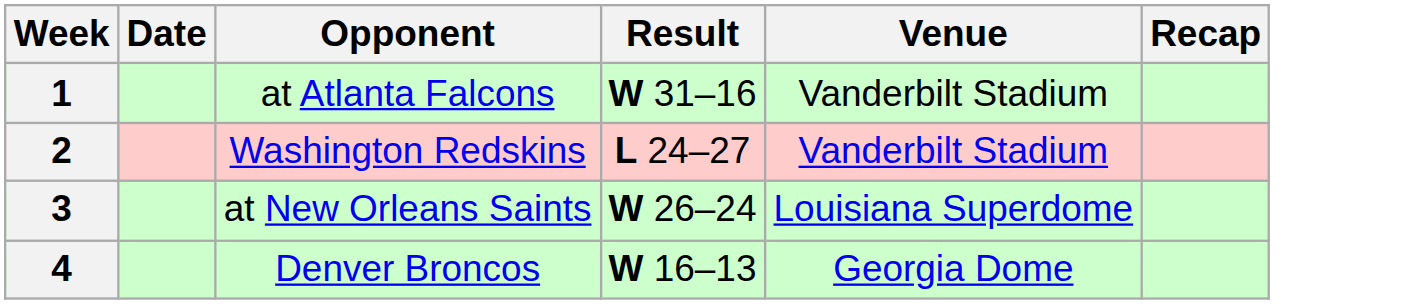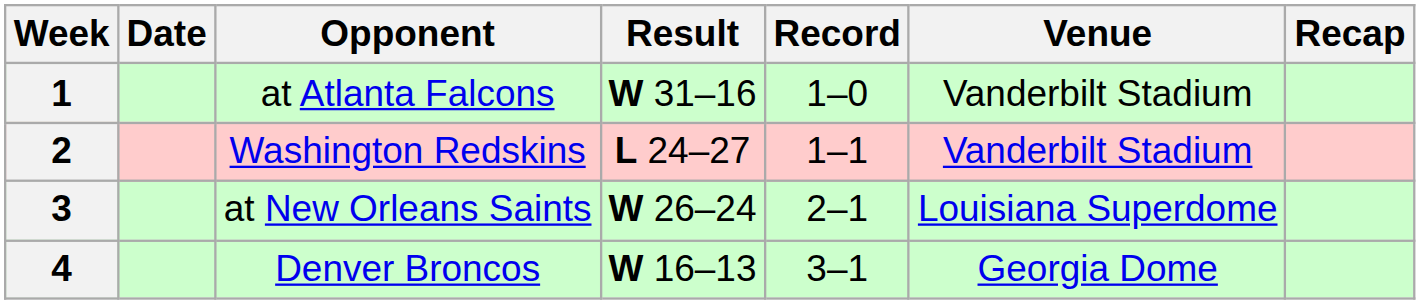 <table class="wikitable" style="text-align:center">
 <tr>
 <th>Week</th>
 <th>Date</th>
 <th>Opponent</th>
 <th>Result</th>
+<th>Record</th>
 <th>Venue</th>
 <th>Recap</th>
 </tr>
 <tr style="background:#cfc">
 <th>1</th>
 <td></td>
 <td>at <a href='#'>Atlanta Falcons</a></td>
 <td><strong>W</strong> 31–16</td>
+<td>1–0</td>
 <td>Vanderbilt Stadium</td>
 <td></td>
 </tr>
 <tr style="background:#fcc">
 <th>2</th>
 <td></td>
 <td><a href='#'>Washington Redskins</a></td>
 <td><strong>L</strong> 24–27</td>
+<td>1–1</td>
 <td><a href='#'>Vanderbilt Stadium</a></td>
 <td></td>
 </tr>
 <tr style="background:#cfc">
 <th>3</th>
 <td></td>
 <td>at <a href='#'>New Orleans Saints</a></td>
 <td><strong>W</strong> 26–24</td>
+<td>2–1</td>
 <td><a href='#'>Louisiana Superdome</a></td>
 <td></td>
 </tr>
 <tr style="background:#cfc">
 <th>4</th>
 <td></td>
 <td><a href='#'>Denver Broncos</a></td>
 <td><strong>W</strong> 16–13</td>
+<td>3–1</td>
 <td><a href='#'>Georgia Dome</a></td>
 <td></td>
 </tr>
 </table>
